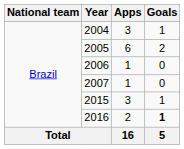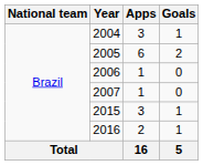 <table class="wikitable" style="text-align:center">
 <tr>
 <th>National team</th>
 <th>Year</th>
 <th>Apps</th>
 <th>Goals</th>
 </tr>
 <tr>
 <td rowspan="6"><a href='#'>Brazil</a></td>
 <td>2004</td>
 <td>3</td>
 <td>1</td>
 </tr>
 <tr>
 <td>2005</td>
 <td>6</td>
 <td>2</td>
 </tr>
 <tr>
 <td>2006</td>
 <td>1</td>
 <td>0</td>
 </tr>
 <tr>
 <td>2007</td>
 <td>1</td>
 <td>0</td>
 </tr>
 <tr>
 <td>2015</td>
 <td>3</td>
 <td>1</td>
 </tr>
 <tr>
 <td>2016</td>
 <td>2</td>
-<td><strong>1</strong></td>
+<td>1</td>
 </tr>
 <tr>
 <th colspan="2">Total</th>
 <th>16</th>
 <th>5</th>
 </tr>
 </table>
